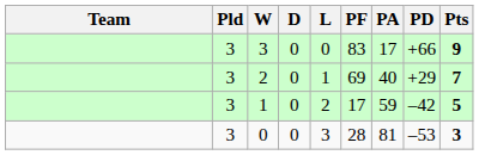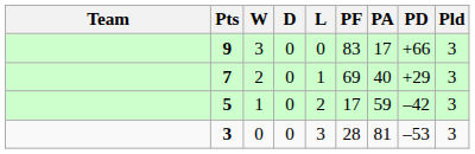 <table class="wikitable" style="text-align:center;">
 <tr>
 <th width=175>Team</th>
-<th width=20 abbr="Played">Pld</th>
+<th width=20 abbr="Points">Pts</th>
 <th width=20 abbr="Won">W</th>
 <th width=20 abbr="Drawn">D</th>
 <th width=20 abbr="Lost">L</th>
 <th width=20 abbr="Points for">PF</th>
 <th width=20 abbr="Points against">PA</th>
 <th width=25 abbr="Points difference">PD</th>
-<th width=20 abbr="Points">Pts</th>
+<th width=20 abbr="Played">Pld</th>
 </tr>
 <tr bgcolor=ccffcc>
 <td style="text-align:left;"></td>
-<td>3</td>
+<td><strong>9</strong></td>
 <td>3</td>
 <td>0</td>
 <td>0</td>
 <td>83</td>
 <td>17</td>
 <td>+66</td>
-<td><strong>9</strong></td>
+<td>3</td>
 </tr>
 <tr bgcolor=ccffcc>
 <td style="text-align:left;"></td>
-<td>3</td>
+<td><strong>7</strong></td>
 <td>2</td>
 <td>0</td>
 <td>1</td>
 <td>69</td>
 <td>40</td>
 <td>+29</td>
-<td><strong>7</strong></td>
+<td>3</td>
 </tr>
 <tr bgcolor=ccffcc>
 <td style="text-align:left;"></td>
-<td>3</td>
+<td><strong>5</strong></td>
 <td>1</td>
 <td>0</td>
 <td>2</td>
 <td>17</td>
 <td>59</td>
 <td>–42</td>
-<td><strong>5</strong></td>
+<td>3</td>
 </tr>
 <tr>
 <td style="text-align:left;"></td>
-<td>3</td>
+<td><strong>3</strong></td>
 <td>0</td>
 <td>0</td>
 <td>3</td>
 <td>28</td>
 <td>81</td>
 <td>–53</td>
-<td><strong>3</strong></td>
+<td>3</td>
 </tr>
 </table>
